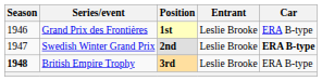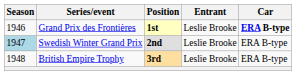 <table class="wikitable" style="font-size: 95%;">
 <tr>
 <th>Season</th>
 <th>Series/event</th>
 <th>Position</th>
 <th>Entrant</th>
 <th>Car</th>
 </tr>
 <tr>
 <td>1946</td>
 <td><a href='#'>Grand Prix des Frontières</a></td>
 <td style="background:#ffffbf;"><strong>1st</strong></td>
 <td>Leslie Brooke</td>
-<td><a href='#'>ERA</a> B-type</td>
+<td><strong><a href='#'>ERA</a> B-type</strong></td>
 </tr>
 <tr>
-<td>1947</td>
+<td style="background: lightblue;">1947</td>
 <td><a href='#'>Swedish Winter Grand Prix</a></td>
 <td style="background:#dfdfdf;"><strong>2nd</strong></td>
 <td>Leslie Brooke</td>
-<td><strong>ERA B-type</strong></td>
+<td>ERA B-type</td>
 </tr>
 <tr>
-<td><strong>1948</strong></td>
+<td>1948</td>
 <td><a href='#'>British Empire Trophy</a></td>
 <td style="background:#ffdf9f;"><strong>3rd</strong></td>
 <td>Leslie Brooke</td>
 <td>ERA B-type</td>
 </tr>
 <tr>
 <th colspan="5"></th>
 </tr>
 </table>
